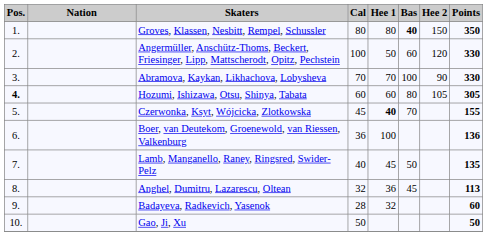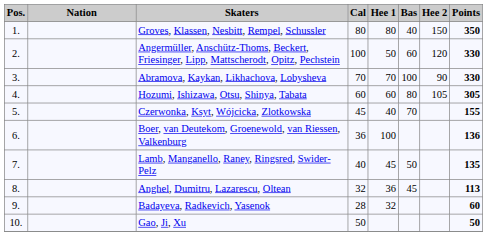 <table bgcolor="#f7f8ff" cellpadding="3" cellspacing="0" border="1" style="font-size: 95%; border: gray solid 1px; border-collapse: collapse;">
 <tr bgcolor="#CCCCCC">
 <td align="center" width="10"><strong>Pos.</strong></td>
 <td align="center" width="150"><strong>Nation</strong></td>
 <td align="center" width="300"><strong>Skaters</strong></td>
 <td align="center" width="20"><strong>Cal</strong></td>
 <td align="center" width="20"><strong>Hee 1</strong></td>
 <td align="center" width="20"><strong>Bas</strong></td>
 <td align="center" width="20"><strong>Hee 2</strong></td>
 <td align="center" width="20"><strong>Points</strong></td>
 </tr>
 <tr align="left">
 <td align="center">1.</td>
 <td></td>
 <td><a href='#'>Groves</a>, <a href='#'>Klassen</a>, <a href='#'>Nesbitt</a>, <a href='#'>Rempel</a>, <a href='#'>Schussler</a></td>
 <td align="right">80</td>
 <td align="right">80</td>
-<td align="right"><strong>40</strong></td>
+<td align="right">40</td>
 <td align="right">150</td>
 <td align="right"><strong>350</strong></td>
 </tr>
 <tr align="left">
 <td align="center">2.</td>
 <td></td>
 <td><a href='#'>Angermüller</a>, <a href='#'>Anschütz-Thoms</a>, <a href='#'>Beckert</a>, <a href='#'>Friesinger</a>, <a href='#'>Lipp</a>, <a href='#'>Mattscherodt</a>, <a href='#'>Opitz</a>, <a href='#'>Pechstein</a></td>
 <td align="right">100</td>
 <td align="right">50</td>
 <td align="right">60</td>
 <td align="right">120</td>
 <td align="right"><strong>330</strong></td>
 </tr>
 <tr align="left">
 <td align="center">3.</td>
 <td></td>
 <td><a href='#'>Abramova</a>, <a href='#'>Kaykan</a>, <a href='#'>Likhachova</a>, <a href='#'>Lobysheva</a></td>
 <td align="right">70</td>
 <td align="right">70</td>
 <td align="right">100</td>
 <td align="right">90</td>
 <td align="right"><strong>330</strong></td>
 </tr>
 <tr align="left">
-<td align="center"><strong>4.</strong></td>
+<td align="center">4.</td>
 <td></td>
 <td><a href='#'>Hozumi</a>, <a href='#'>Ishizawa</a>, <a href='#'>Otsu</a>, <a href='#'>Shinya</a>, <a href='#'>Tabata</a></td>
 <td align="right">60</td>
 <td align="right">60</td>
 <td align="right">80</td>
 <td align="right">105</td>
 <td align="right"><strong>305</strong></td>
 </tr>
 <tr align="left">
 <td align="center">5.</td>
 <td></td>
 <td><a href='#'>Czerwonka</a>, <a href='#'>Ksyt</a>, <a href='#'>Wójcicka</a>, <a href='#'>Zlotkowska</a></td>
 <td align="right">45</td>
-<td align="right"><strong>40</strong></td>
+<td align="right">40</td>
 <td align="right">70</td>
 <td align="right"></td>
 <td align="right"><strong>155</strong></td>
 </tr>
 <tr align="left">
 <td align="center">6.</td>
 <td></td>
 <td><a href='#'>Boer</a>, <a href='#'>van Deutekom</a>, <a href='#'>Groenewold</a>, <a href='#'>van Riessen</a>, <a href='#'>Valkenburg</a></td>
 <td align="right">36</td>
 <td align="right">100</td>
 <td align="right"></td>
 <td align="right"></td>
 <td align="right"><strong>136</strong></td>
 </tr>
 <tr align="left">
 <td align="center">7.</td>
 <td></td>
 <td><a href='#'>Lamb</a>, <a href='#'>Manganello</a>, <a href='#'>Raney</a>, <a href='#'>Ringsred</a>, <a href='#'>Swider-Pelz</a></td>
 <td align="right">40</td>
 <td align="right">45</td>
 <td align="right">50</td>
 <td align="right"></td>
 <td align="right"><strong>135</strong></td>
 </tr>
 <tr align="left">
 <td align="center">8.</td>
 <td></td>
 <td><a href='#'>Anghel</a>, <a href='#'>Dumitru</a>, <a href='#'>Lazarescu</a>, <a href='#'>Oltean</a></td>
 <td align="right">32</td>
 <td align="right">36</td>
 <td align="right">45</td>
 <td align="right"></td>
 <td align="right"><strong>113</strong></td>
 </tr>
 <tr align="left">
 <td align="center">9.</td>
 <td></td>
 <td><a href='#'>Badayeva</a>, <a href='#'>Radkevich</a>, <a href='#'>Yasenok</a></td>
 <td align="right">28</td>
 <td align="right">32</td>
 <td align="right"></td>
 <td align="right"></td>
 <td align="right"><strong>60</strong></td>
 </tr>
 <tr align="left">
 <td align="center">10.</td>
 <td></td>
 <td><a href='#'>Gao</a>, <a href='#'>Ji</a>, <a href='#'>Xu</a></td>
 <td align="right">50</td>
 <td align="right"></td>
 <td align="right"></td>
 <td align="right"></td>
 <td align="right"><strong>50</strong></td>
 </tr>
 <tr>
 </tr>
 </table>
